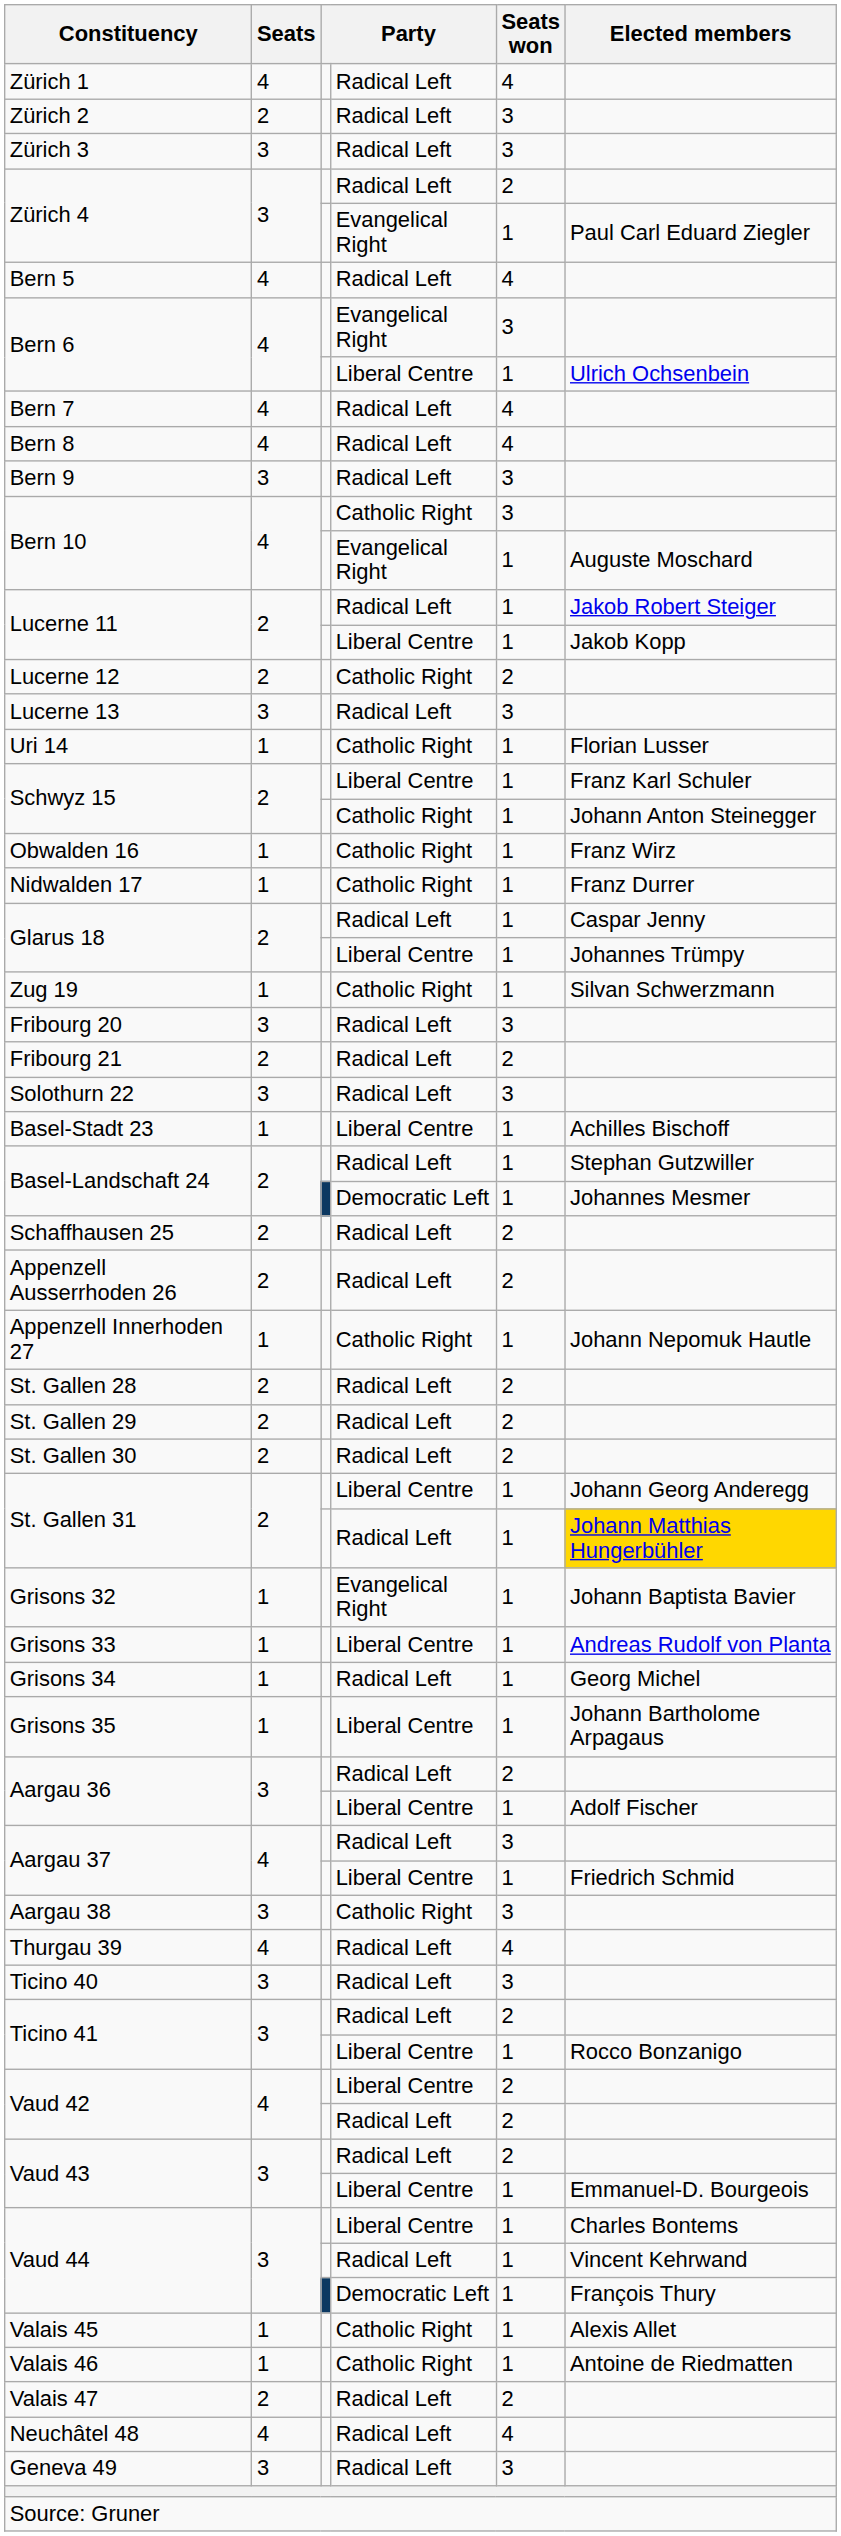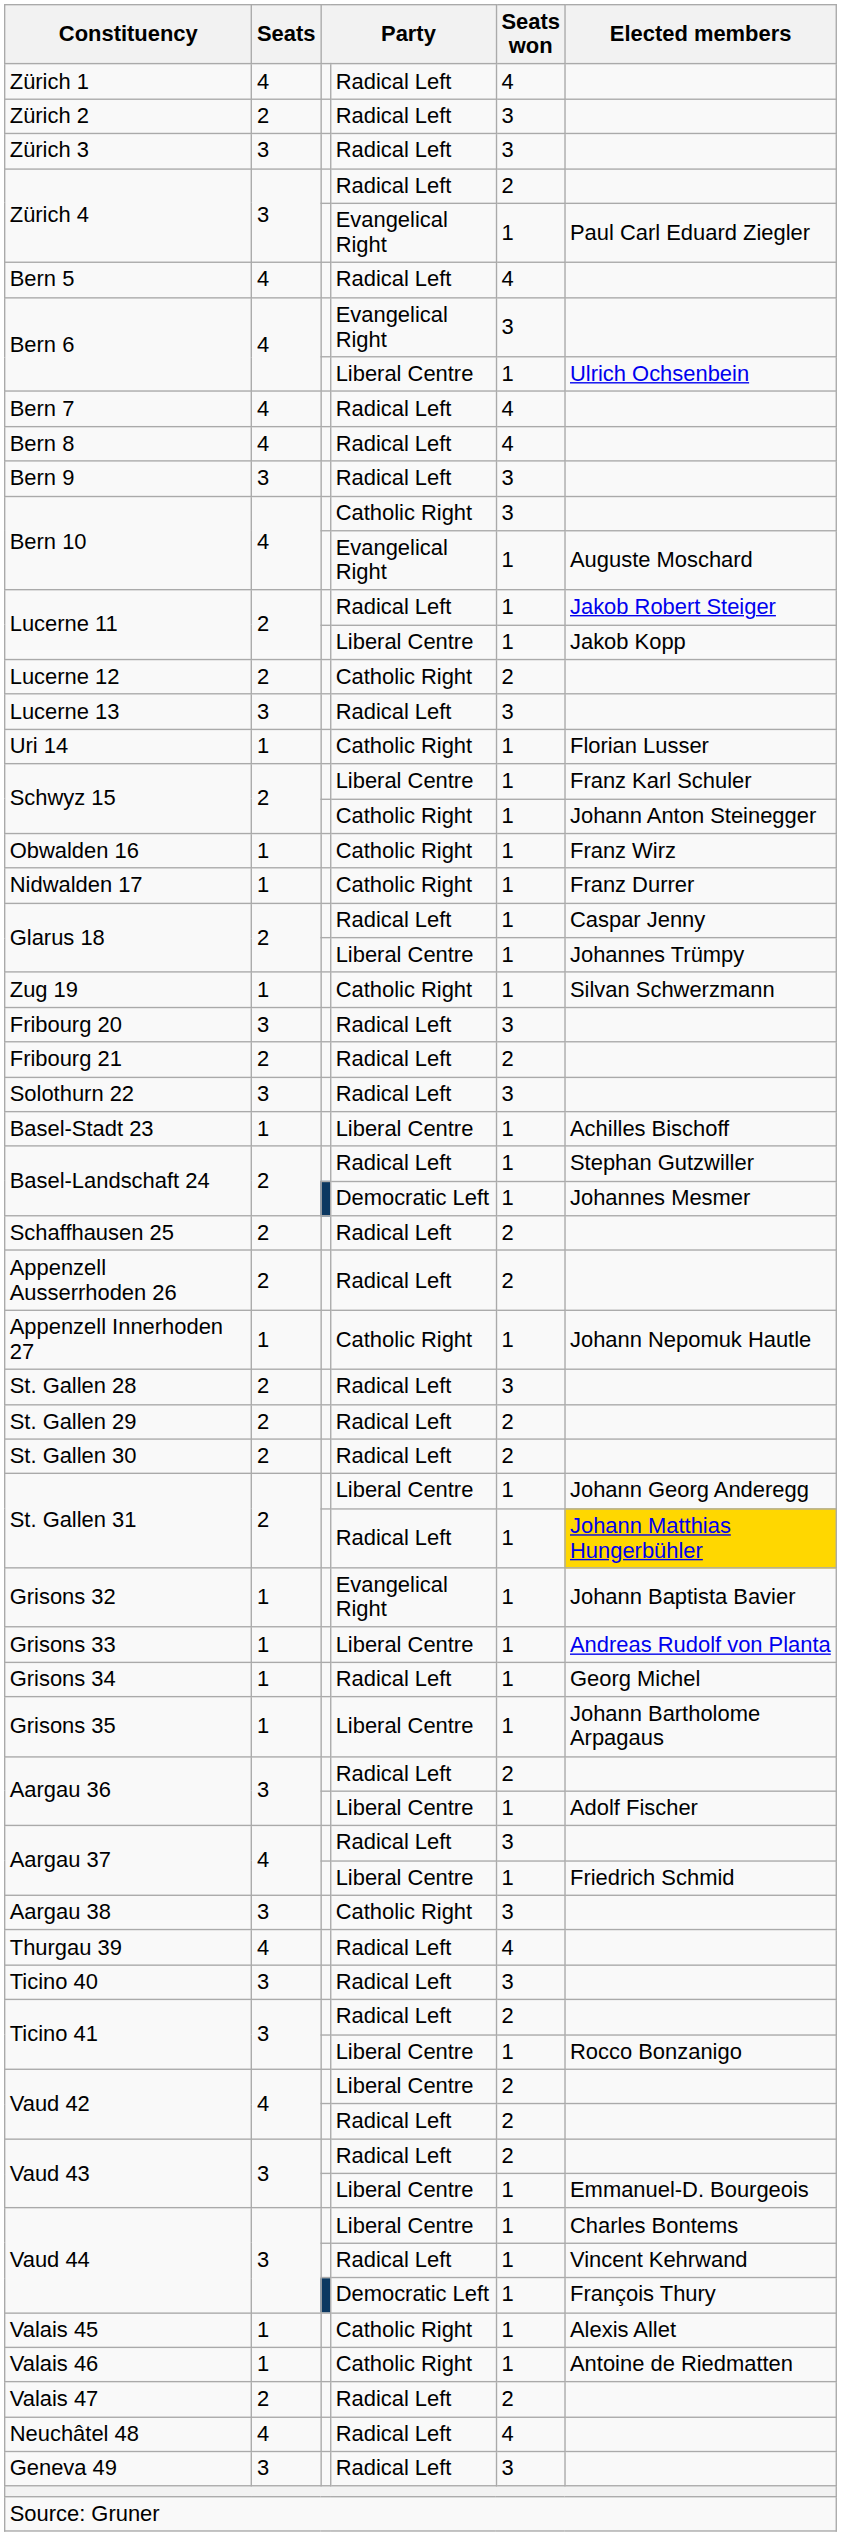 <table class="wikitable">
 <tr>
 <th>Constituency</th>
 <th>Seats</th>
 <th colspan="2">Party</th>
 <th>Seats<br>won</th>
 <th>Elected members</th>
 </tr>
 <tr>
 <td>Zürich 1</td>
 <td>4</td>
 <td style="color:inherit;background:"></td>
 <td>Radical Left</td>
 <td>4</td>
 <td></td>
 </tr>
 <tr>
 <td>Zürich 2</td>
 <td>2</td>
 <td style="color:inherit;background:"></td>
 <td>Radical Left</td>
 <td>3</td>
 <td></td>
 </tr>
 <tr>
 <td>Zürich 3</td>
 <td>3</td>
 <td style="color:inherit;background:"></td>
 <td>Radical Left</td>
 <td>3</td>
 <td></td>
 </tr>
 <tr>
 <td rowspan="2">Zürich 4</td>
 <td rowspan="2">3</td>
 <td style="color:inherit;background:"></td>
 <td>Radical Left</td>
 <td>2</td>
 <td></td>
 </tr>
 <tr>
 <td style="color:inherit;background:"></td>
 <td>Evangelical Right</td>
 <td>1</td>
 <td>Paul Carl Eduard Ziegler</td>
 </tr>
 <tr>
 <td>Bern 5</td>
 <td>4</td>
 <td style="color:inherit;background:"></td>
 <td>Radical Left</td>
 <td>4</td>
 <td></td>
 </tr>
 <tr>
 <td rowspan="2">Bern 6</td>
 <td rowspan="2">4</td>
 <td style="color:inherit;background:"></td>
 <td>Evangelical Right</td>
 <td>3</td>
 <td></td>
 </tr>
 <tr>
 <td style="color:inherit;background:"></td>
 <td>Liberal Centre</td>
 <td>1</td>
 <td><a href='#'>Ulrich Ochsenbein</a></td>
 </tr>
 <tr>
 <td>Bern 7</td>
 <td>4</td>
 <td style="color:inherit;background:"></td>
 <td>Radical Left</td>
 <td>4</td>
 <td></td>
 </tr>
 <tr>
 <td>Bern 8</td>
 <td>4</td>
 <td style="color:inherit;background:"></td>
 <td>Radical Left</td>
 <td>4</td>
 <td></td>
 </tr>
 <tr>
 <td>Bern 9</td>
 <td>3</td>
 <td style="color:inherit;background:"></td>
 <td>Radical Left</td>
 <td>3</td>
 <td></td>
 </tr>
 <tr>
 <td rowspan="2">Bern 10</td>
 <td rowspan="2">4</td>
 <td style="color:inherit;background:"></td>
 <td>Catholic Right</td>
 <td>3</td>
 <td></td>
 </tr>
 <tr>
 <td style="color:inherit;background:"></td>
 <td>Evangelical Right</td>
 <td>1</td>
 <td>Auguste Moschard</td>
 </tr>
 <tr>
 <td rowspan="2">Lucerne 11</td>
 <td rowspan="2">2</td>
 <td style="color:inherit;background:"></td>
 <td>Radical Left</td>
 <td>1</td>
 <td><a href='#'>Jakob Robert Steiger</a></td>
 </tr>
 <tr>
 <td style="color:inherit;background:"></td>
 <td>Liberal Centre</td>
 <td>1</td>
 <td>Jakob Kopp</td>
 </tr>
 <tr>
 <td>Lucerne 12</td>
 <td>2</td>
 <td style="color:inherit;background:"></td>
 <td>Catholic Right</td>
 <td>2</td>
 <td></td>
 </tr>
 <tr>
 <td>Lucerne 13</td>
 <td>3</td>
 <td style="color:inherit;background:"></td>
 <td>Radical Left</td>
 <td>3</td>
 <td></td>
 </tr>
 <tr>
 <td>Uri 14</td>
 <td>1</td>
 <td style="color:inherit;background:"></td>
 <td>Catholic Right</td>
 <td>1</td>
 <td>Florian Lusser</td>
 </tr>
 <tr>
 <td rowspan="2">Schwyz 15</td>
 <td rowspan="2">2</td>
 <td style="color:inherit;background:"></td>
 <td>Liberal Centre</td>
 <td>1</td>
 <td>Franz Karl Schuler</td>
 </tr>
 <tr>
 <td style="color:inherit;background:"></td>
 <td>Catholic Right</td>
 <td>1</td>
 <td>Johann Anton Steinegger</td>
 </tr>
 <tr>
 <td>Obwalden 16</td>
 <td>1</td>
 <td style="color:inherit;background:"></td>
 <td>Catholic Right</td>
 <td>1</td>
 <td>Franz Wirz</td>
 </tr>
 <tr>
 <td>Nidwalden 17</td>
 <td>1</td>
 <td style="color:inherit;background:"></td>
 <td>Catholic Right</td>
 <td>1</td>
 <td>Franz Durrer</td>
 </tr>
 <tr>
 <td rowspan="2">Glarus 18</td>
 <td rowspan="2">2</td>
 <td style="color:inherit;background:"></td>
 <td>Radical Left</td>
 <td>1</td>
 <td>Caspar Jenny</td>
 </tr>
 <tr>
 <td style="color:inherit;background:"></td>
 <td>Liberal Centre</td>
 <td>1</td>
 <td>Johannes Trümpy</td>
 </tr>
 <tr>
 <td>Zug 19</td>
 <td>1</td>
 <td style="color:inherit;background:"></td>
 <td>Catholic Right</td>
 <td>1</td>
 <td>Silvan Schwerzmann</td>
 </tr>
 <tr>
 <td>Fribourg 20</td>
 <td>3</td>
 <td style="color:inherit;background:"></td>
 <td>Radical Left</td>
 <td>3</td>
 <td></td>
 </tr>
 <tr>
 <td>Fribourg 21</td>
 <td>2</td>
 <td style="color:inherit;background:"></td>
 <td>Radical Left</td>
 <td>2</td>
 <td></td>
 </tr>
 <tr>
 <td>Solothurn 22</td>
 <td>3</td>
 <td style="color:inherit;background:"></td>
 <td>Radical Left</td>
 <td>3</td>
 <td></td>
 </tr>
 <tr>
 <td>Basel-Stadt 23</td>
 <td>1</td>
 <td style="color:inherit;background:"></td>
 <td>Liberal Centre</td>
 <td>1</td>
 <td>Achilles Bischoff</td>
 </tr>
 <tr>
 <td rowspan="2">Basel-Landschaft 24</td>
 <td rowspan="2">2</td>
 <td style="color:inherit;background:"></td>
 <td>Radical Left</td>
 <td>1</td>
 <td>Stephan Gutzwiller</td>
 </tr>
 <tr>
 <td style="color:inherit;background:#0B3861"></td>
 <td>Democratic Left</td>
 <td>1</td>
 <td>Johannes Mesmer</td>
 </tr>
 <tr>
 <td>Schaffhausen 25</td>
 <td>2</td>
 <td style="color:inherit;background:"></td>
 <td>Radical Left</td>
 <td>2</td>
 <td></td>
 </tr>
 <tr>
 <td>Appenzell Ausserrhoden 26</td>
 <td>2</td>
 <td style="color:inherit;background:"></td>
 <td>Radical Left</td>
 <td>2</td>
 <td></td>
 </tr>
 <tr>
 <td>Appenzell Innerhoden 27</td>
 <td>1</td>
 <td style="color:inherit;background:"></td>
 <td>Catholic Right</td>
 <td>1</td>
 <td>Johann Nepomuk Hautle</td>
 </tr>
 <tr>
 <td>St. Gallen 28</td>
 <td>2</td>
 <td style="color:inherit;background:"></td>
 <td>Radical Left</td>
-<td>2</td>
+<td>3</td>
 <td></td>
 </tr>
 <tr>
 <td>St. Gallen 29</td>
 <td>2</td>
 <td style="color:inherit;background:"></td>
 <td>Radical Left</td>
 <td>2</td>
 <td></td>
 </tr>
 <tr>
 <td>St. Gallen 30</td>
 <td>2</td>
 <td style="color:inherit;background:"></td>
 <td>Radical Left</td>
 <td>2</td>
 <td></td>
 </tr>
 <tr>
 <td rowspan="2">St. Gallen 31</td>
 <td rowspan="2">2</td>
 <td style="color:inherit;background:"></td>
 <td>Liberal Centre</td>
 <td>1</td>
 <td>Johann Georg Anderegg</td>
 </tr>
 <tr>
 <td style="color:inherit;background:"></td>
 <td>Radical Left</td>
 <td>1</td>
 <td style="background: gold;"><a href='#'>Johann Matthias Hungerbühler</a></td>
 </tr>
 <tr>
 <td>Grisons 32</td>
 <td>1</td>
 <td style="color:inherit;background:"></td>
 <td>Evangelical Right</td>
 <td>1</td>
 <td>Johann Baptista Bavier</td>
 </tr>
 <tr>
 <td>Grisons 33</td>
 <td>1</td>
 <td style="color:inherit;background:"></td>
 <td>Liberal Centre</td>
 <td>1</td>
 <td><a href='#'>Andreas Rudolf von Planta</a></td>
 </tr>
 <tr>
 <td>Grisons 34</td>
 <td>1</td>
 <td style="color:inherit;background:"></td>
 <td>Radical Left</td>
 <td>1</td>
 <td>Georg Michel</td>
 </tr>
 <tr>
 <td>Grisons 35</td>
 <td>1</td>
 <td style="color:inherit;background:"></td>
 <td>Liberal Centre</td>
 <td>1</td>
 <td>Johann Bartholome Arpagaus</td>
 </tr>
 <tr>
 <td rowspan="2">Aargau 36</td>
 <td rowspan="2">3</td>
 <td style="color:inherit;background:"></td>
 <td>Radical Left</td>
 <td>2</td>
 <td></td>
 </tr>
 <tr>
 <td style="color:inherit;background:"></td>
 <td>Liberal Centre</td>
 <td>1</td>
 <td>Adolf Fischer</td>
 </tr>
 <tr>
 <td rowspan="2">Aargau 37</td>
 <td rowspan="2">4</td>
 <td style="color:inherit;background:"></td>
 <td>Radical Left</td>
 <td>3</td>
 <td></td>
 </tr>
 <tr>
 <td style="color:inherit;background:"></td>
 <td>Liberal Centre</td>
 <td>1</td>
 <td>Friedrich Schmid</td>
 </tr>
 <tr>
 <td>Aargau 38</td>
 <td>3</td>
 <td style="color:inherit;background:"></td>
 <td>Catholic Right</td>
 <td>3</td>
 <td></td>
 </tr>
 <tr>
 <td>Thurgau 39</td>
 <td>4</td>
 <td style="color:inherit;background:"></td>
 <td>Radical Left</td>
 <td>4</td>
 <td></td>
 </tr>
 <tr>
 <td>Ticino 40</td>
 <td>3</td>
 <td style="color:inherit;background:"></td>
 <td>Radical Left</td>
 <td>3</td>
 <td></td>
 </tr>
 <tr>
 <td rowspan="2">Ticino 41</td>
 <td rowspan="2">3</td>
 <td style="color:inherit;background:"></td>
 <td>Radical Left</td>
 <td>2</td>
 <td></td>
 </tr>
 <tr>
 <td style="color:inherit;background:"></td>
 <td>Liberal Centre</td>
 <td>1</td>
 <td>Rocco Bonzanigo</td>
 </tr>
 <tr>
 <td rowspan="2">Vaud 42</td>
 <td rowspan="2">4</td>
 <td style="color:inherit;background:"></td>
 <td>Liberal Centre</td>
 <td>2</td>
 <td></td>
 </tr>
 <tr>
 <td style="color:inherit;background:"></td>
 <td>Radical Left</td>
 <td>2</td>
 <td></td>
 </tr>
 <tr>
 <td rowspan="2">Vaud 43</td>
 <td rowspan="2">3</td>
 <td style="color:inherit;background:"></td>
 <td>Radical Left</td>
 <td>2</td>
 <td></td>
 </tr>
 <tr>
 <td style="color:inherit;background:"></td>
 <td>Liberal Centre</td>
 <td>1</td>
 <td>Emmanuel-D. Bourgeois</td>
 </tr>
 <tr>
 <td rowspan="3">Vaud 44</td>
 <td rowspan="3">3</td>
 <td style="color:inherit;background:"></td>
 <td>Liberal Centre</td>
 <td>1</td>
 <td>Charles Bontems</td>
 </tr>
 <tr>
 <td style="color:inherit;background:"></td>
 <td>Radical Left</td>
 <td>1</td>
 <td>Vincent Kehrwand</td>
 </tr>
 <tr>
 <td style="color:inherit;background:#0B3861"></td>
 <td>Democratic Left</td>
 <td>1</td>
 <td>François Thury</td>
 </tr>
 <tr>
 <td>Valais 45</td>
 <td>1</td>
 <td style="color:inherit;background:"></td>
 <td>Catholic Right</td>
 <td>1</td>
 <td>Alexis Allet</td>
 </tr>
 <tr>
 <td>Valais 46</td>
 <td>1</td>
 <td style="color:inherit;background:"></td>
 <td>Catholic Right</td>
 <td>1</td>
 <td>Antoine de Riedmatten</td>
 </tr>
 <tr>
 <td>Valais 47</td>
 <td>2</td>
 <td style="color:inherit;background:"></td>
 <td>Radical Left</td>
 <td>2</td>
 <td></td>
 </tr>
 <tr>
 <td>Neuchâtel 48</td>
 <td>4</td>
 <td style="color:inherit;background:"></td>
 <td>Radical Left</td>
 <td>4</td>
 <td></td>
 </tr>
 <tr>
 <td>Geneva 49</td>
 <td>3</td>
 <td style="color:inherit;background:"></td>
 <td>Radical Left</td>
 <td>3</td>
 <td></td>
 </tr>
 <tr>
 <th colspan="6"></th>
 </tr>
 <tr>
 <td colspan="6">Source: Gruner</td>
 </tr>
 </table>
